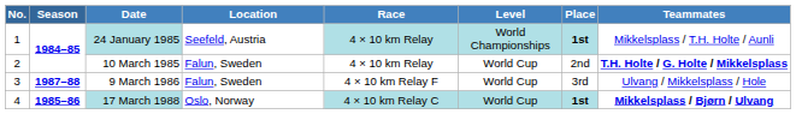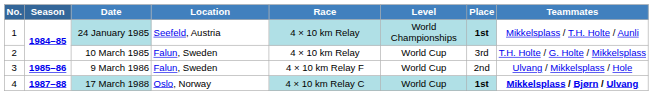 <table class="wikitable sortable" style="font-size:95%; text-align:center; border:grey solid 1px; border-collapse:collapse; background:#ffffff;">
 <tr style="background:#efefef;">
 <th style="background-color:#369; color:white;">No.</th>
 <th style="background-color:#369; color:white;">Season</th>
 <th style="background-color:#4180be; color:white; width:120px;">Date</th>
 <th style="background-color:#4180be; color:white; width:180px;">Location</th>
 <th style="background-color:#4180be; color:white; width:170px;">Race</th>
 <th style="background-color:#4180be; color:white; width:130px;">Level</th>
 <th style="background-color:#4180be; color:white;">Place</th>
 <th style="background-color:#4180be; color:white;">Teammates</th>
 </tr>
 <tr>
 <td align=center>1</td>
 <td rowspan=2 align=center><strong><a href='#'>1984–85</a></strong></td>
 <td bgcolor="#BOEOE6" align=right>24 January 1985</td>
 <td align=left> <a href='#'>Seefeld</a>, Austria</td>
 <td bgcolor="#BOEOE6">4 × 10 km Relay</td>
 <td bgcolor="#BOEOE6">World Championships</td>
 <td bgcolor="#BOEOE6"><strong>1st</strong></td>
 <td><a href='#'>Mikkelsplass</a> / <a href='#'>T.H. Holte</a> / <a href='#'>Aunli</a></td>
 </tr>
 <tr>
 <td align=center>2</td>
 <td align=right>10 March 1985</td>
 <td align=left> <a href='#'>Falun</a>, Sweden</td>
 <td>4 × 10 km Relay</td>
 <td>World Cup</td>
-<td>2nd</td>
-<td><strong><a href='#'>T.H. Holte</a> / <a href='#'>G. Holte</a> / <a href='#'>Mikkelsplass</a></strong></td>
+<td>3rd</td>
+<td><a href='#'>T.H. Holte</a> / <a href='#'>G. Holte</a> / <a href='#'>Mikkelsplass</a></td>
 </tr>
 <tr>
 <td align=center>3</td>
-<td rowspan=1 align=center><strong><a href='#'>1987–88</a></strong></td>
+<td rowspan=1 align=center><strong> <a href='#'>1985–86</a> </strong></td>
 <td align=right>9 March 1986</td>
 <td align=left> <a href='#'>Falun</a>, Sweden</td>
 <td>4 × 10 km Relay F</td>
 <td>World Cup</td>
-<td>3rd</td>
+<td>2nd</td>
 <td><a href='#'>Ulvang</a> / <a href='#'>Mikkelsplass</a> / <a href='#'>Hole</a></td>
 </tr>
 <tr>
 <td align=center>4</td>
-<td rowspan=1 align=center><strong> <a href='#'>1985–86</a> </strong></td>
+<td rowspan=1 align=center><strong><a href='#'>1987–88</a></strong></td>
 <td bgcolor="#BOEOE6" align=right>17 March 1988</td>
 <td align=left> <a href='#'>Oslo</a>, Norway</td>
 <td bgcolor="#BOEOE6">4 × 10 km Relay C</td>
 <td bgcolor="#BOEOE6">World Cup</td>
 <td bgcolor="#BOEOE6"><strong>1st</strong></td>
 <td><strong><a href='#'>Mikkelsplass</a> / <a href='#'>Bjørn</a> / <a href='#'>Ulvang</a></strong></td>
 </tr>
 </table>
